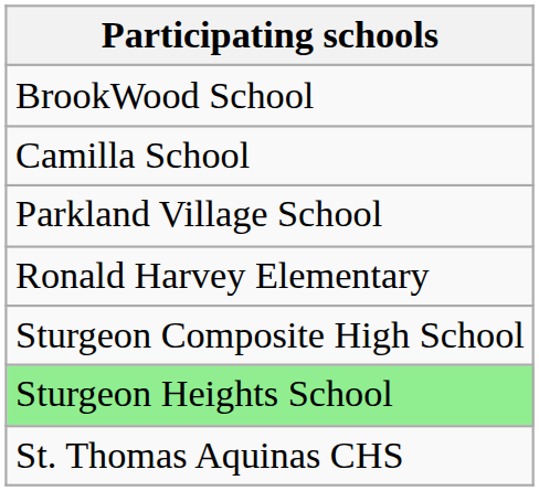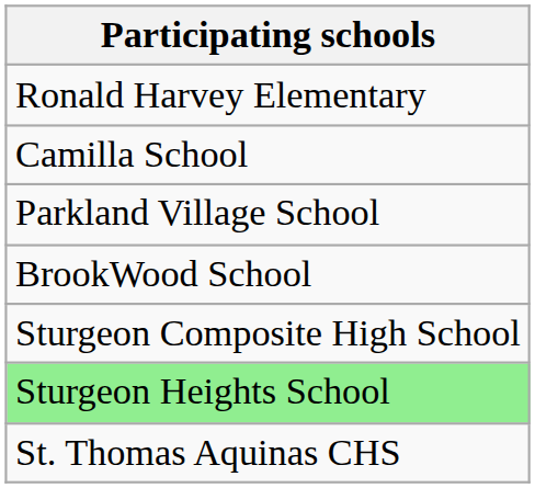 <table class="wikitable" align=right>
 <tr>
 <th>Participating schools</th>
 </tr>
 <tr>
-<td>BrookWood School</td>
+<td>Ronald Harvey Elementary</td>
 </tr>
 <tr>
 <td>Camilla School</td>
 </tr>
 <tr>
 <td>Parkland Village School</td>
 </tr>
 <tr>
-<td>Ronald Harvey Elementary</td>
+<td>BrookWood School</td>
 </tr>
 <tr>
 <td>Sturgeon Composite High School</td>
 </tr>
 <tr>
 <td style="background: lightgreen;">Sturgeon Heights School</td>
 </tr>
 <tr>
 <td>St. Thomas Aquinas CHS</td>
 </tr>
 </table>
